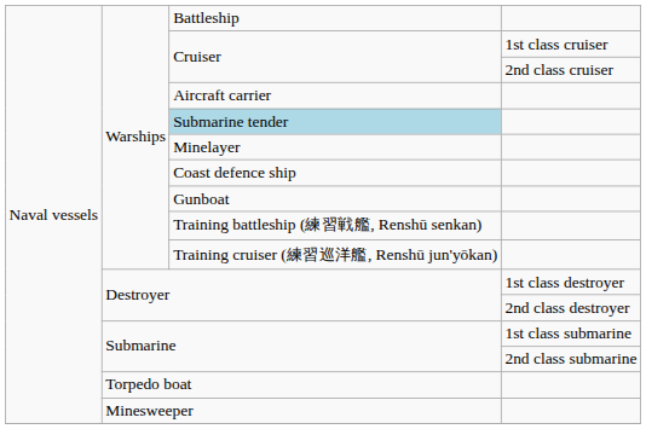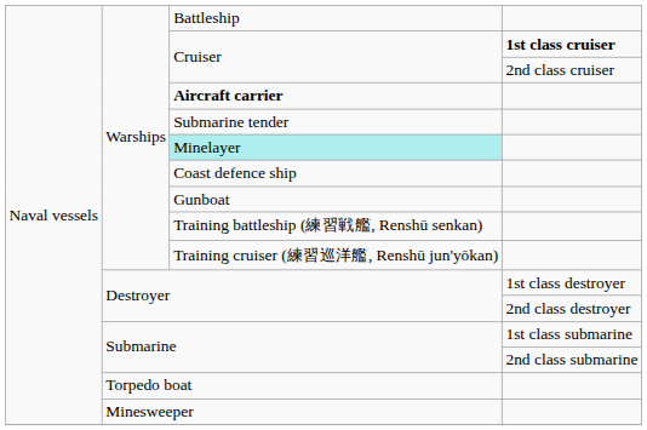 <table class="wikitable">
 <tr>
 <td rowspan="16">Naval vessels</td>
 <td rowspan="10">Warships</td>
 <td>Battleship</td>
 <td></td>
 </tr>
 <tr>
 <td rowspan="2">Cruiser</td>
-<td>1st class cruiser</td>
+<td><strong>1st class cruiser</strong></td>
 </tr>
 <tr>
 <td>2nd class cruiser</td>
 </tr>
 <tr>
-<td>Aircraft carrier</td>
+<td><strong>Aircraft carrier</strong></td>
 <td></td>
 </tr>
 <tr>
-<td style="background: lightblue;">Submarine tender</td>
+<td>Submarine tender</td>
 <td></td>
 </tr>
 <tr>
-<td>Minelayer</td>
+<td style="background: paleturquoise;">Minelayer</td>
 <td></td>
 </tr>
 <tr>
 <td>Coast defence ship</td>
 <td></td>
 </tr>
 <tr>
 <td>Gunboat</td>
 <td></td>
 </tr>
 <tr>
 <td>Training battleship (練習戦艦, Renshū senkan)</td>
 <td></td>
 </tr>
 <tr>
 <td>Training cruiser (練習巡洋艦, Renshū jun'yōkan)</td>
 <td></td>
 </tr>
 <tr>
 <td colspan="2" rowspan="2">Destroyer</td>
 <td>1st class destroyer</td>
 </tr>
 <tr>
 <td>2nd class destroyer</td>
 </tr>
 <tr>
 <td rowspan="2" colspan="2">Submarine</td>
 <td>1st class submarine</td>
 </tr>
 <tr>
 <td>2nd class submarine</td>
 </tr>
 <tr>
 <td colspan="2">Torpedo boat</td>
 <td></td>
 </tr>
 <tr>
 <td colspan="2">Minesweeper</td>
 <td></td>
 </tr>
 <tr>
 </tr>
 </table>
